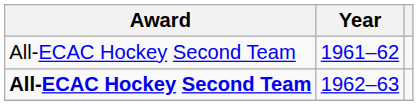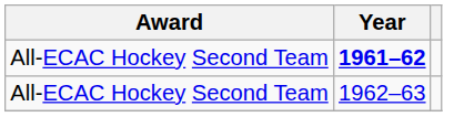 <table class="wikitable">
 <tr>
 <th>Award</th>
 <th>Year</th>
 <th></th>
 </tr>
 <tr>
 <td>All-<a href='#'>ECAC Hockey</a> <a href='#'>Second Team</a></td>
-<td><a href='#'>1961–62</a></td>
+<td><strong><a href='#'>1961–62</a></strong></td>
 <td></td>
 </tr>
 <tr>
-<td><strong>All-<a href='#'>ECAC Hockey</a> <a href='#'>Second Team</a></strong></td>
+<td>All-<a href='#'>ECAC Hockey</a> <a href='#'>Second Team</a></td>
 <td><a href='#'>1962–63</a></td>
 <td></td>
 </tr>
 <tr>
 </tr>
 </table>
